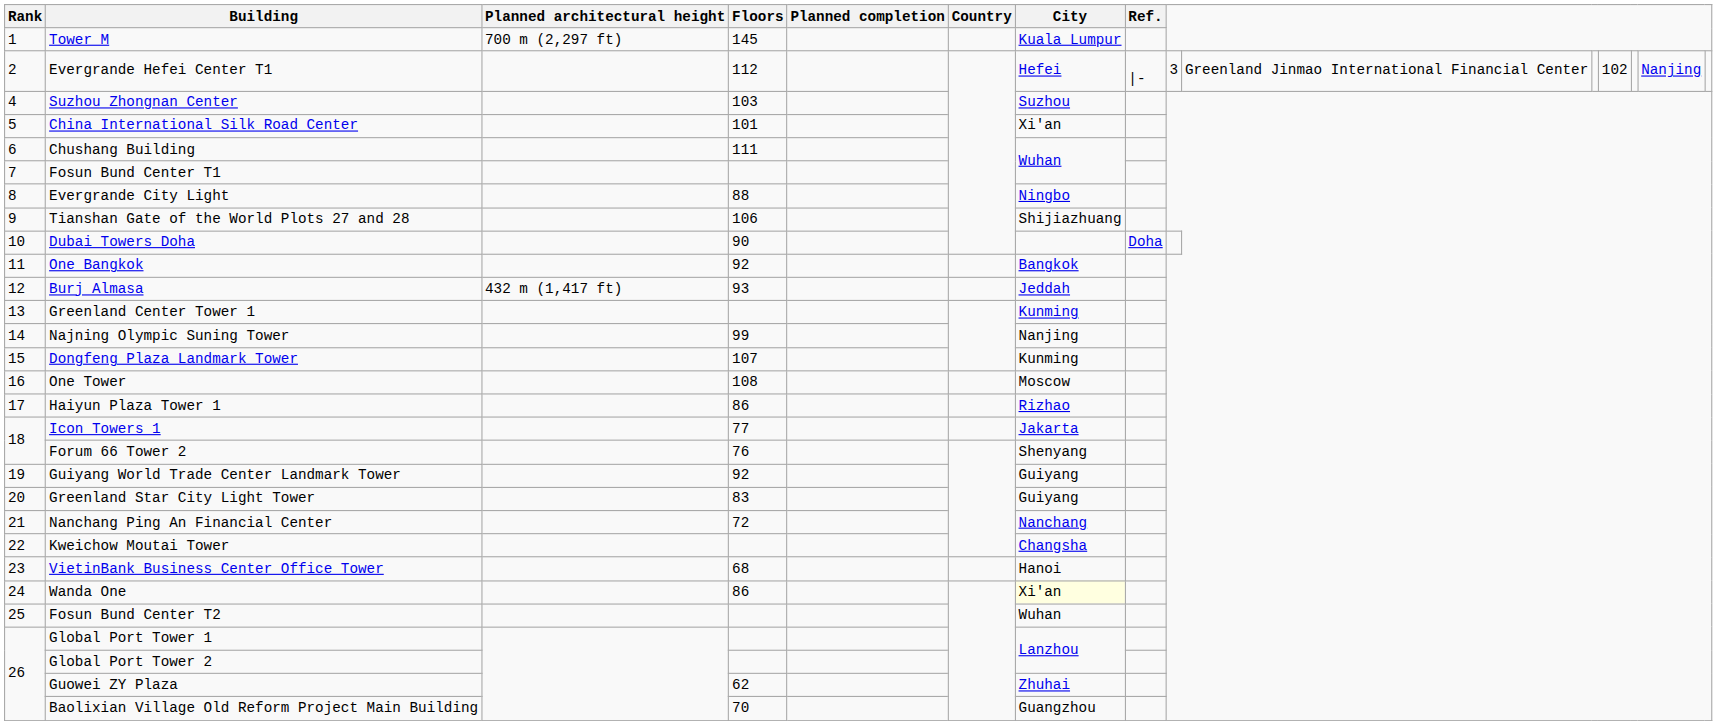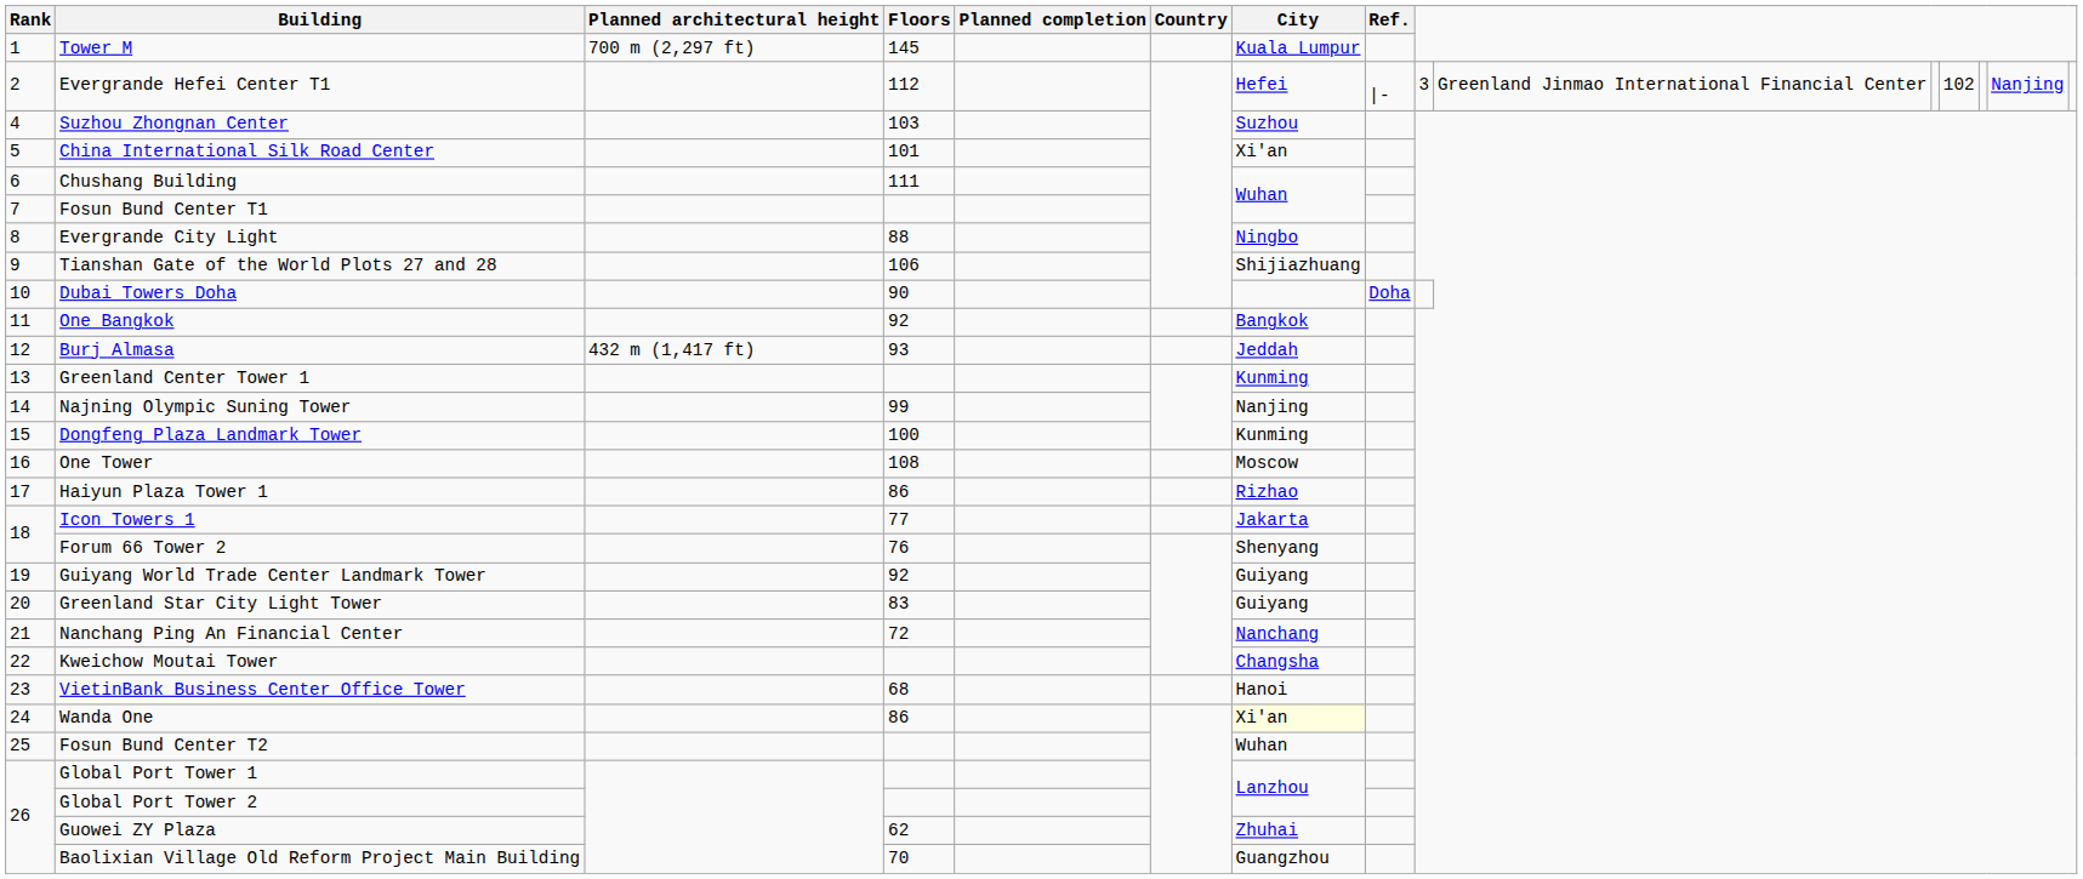 <table class="wikitable sortable">
 <tr>
 <th>Rank</th>
 <th>Building</th>
 <th>Planned architectural height</th>
 <th>Floors</th>
 <th>Planned completion</th>
 <th>Country</th>
 <th>City</th>
 <th class="unsortable">Ref.</th>
 </tr>
 <tr>
 <td>1</td>
 <td><a href='#'>Tower M</a></td>
 <td>700 m (2,297 ft)</td>
 <td>145</td>
 <td></td>
 <td></td>
 <td><a href='#'>Kuala Lumpur</a></td>
 <td></td>
 </tr>
 <tr>
 <td>2</td>
 <td>Evergrande Hefei Center T1</td>
 <td></td>
 <td>112</td>
 <td></td>
 <td rowspan="8"></td>
 <td><a href='#'>Hefei</a></td>
 <td><br> |-</td>
 <td>3</td>
 <td>Greenland Jinmao International Financial Center</td>
 <td></td>
 <td>102</td>
 <td></td>
 <td><a href='#'>Nanjing</a></td>
 <td></td>
 </tr>
 <tr>
 <td>4</td>
 <td><a href='#'>Suzhou Zhongnan Center</a></td>
 <td></td>
 <td>103</td>
 <td></td>
 <td><a href='#'>Suzhou</a></td>
 <td></td>
 </tr>
 <tr>
 <td>5</td>
 <td><a href='#'>China International Silk Road Center</a></td>
 <td></td>
 <td>101</td>
 <td></td>
 <td>Xi'an</td>
 <td></td>
 </tr>
 <tr>
 <td>6</td>
 <td>Chushang Building</td>
 <td></td>
 <td>111</td>
 <td></td>
 <td rowspan="2"><a href='#'>Wuhan</a></td>
 <td></td>
 </tr>
 <tr>
 <td>7</td>
 <td>Fosun Bund Center T1</td>
 <td></td>
 <td></td>
 <td></td>
 <td></td>
 </tr>
 <tr>
 <td>8</td>
 <td>Evergrande City Light</td>
 <td></td>
 <td>88</td>
 <td></td>
 <td><a href='#'>Ningbo</a></td>
 <td></td>
 </tr>
 <tr>
 <td>9</td>
 <td>Tianshan Gate of the World Plots 27 and 28</td>
 <td></td>
 <td>106</td>
 <td></td>
 <td>Shijiazhuang</td>
 <td></td>
 </tr>
 <tr>
 <td>10</td>
 <td><a href='#'>Dubai Towers Doha</a></td>
 <td></td>
 <td>90</td>
 <td></td>
 <td></td>
 <td><a href='#'>Doha</a></td>
 <td></td>
 </tr>
 <tr>
 <td>11</td>
 <td><a href='#'>One Bangkok</a></td>
 <td></td>
 <td>92</td>
 <td></td>
 <td></td>
 <td><a href='#'>Bangkok</a></td>
 <td></td>
 </tr>
 <tr>
 <td>12</td>
 <td><a href='#'>Burj Almasa</a></td>
 <td>432 m (1,417 ft)</td>
 <td>93</td>
 <td></td>
 <td></td>
 <td><a href='#'>Jeddah</a></td>
 <td></td>
 </tr>
 <tr>
 <td>13</td>
 <td>Greenland Center Tower 1</td>
 <td></td>
 <td></td>
 <td></td>
 <td rowspan="3"></td>
 <td><a href='#'>Kunming</a></td>
 <td></td>
 </tr>
 <tr>
 <td>14</td>
 <td>Najning Olympic Suning Tower</td>
 <td></td>
 <td>99</td>
 <td></td>
 <td>Nanjing</td>
 <td></td>
 </tr>
 <tr>
 <td>15</td>
 <td><a href='#'>Dongfeng Plaza Landmark Tower</a></td>
 <td></td>
-<td>107</td>
+<td>100</td>
 <td></td>
 <td>Kunming</td>
 <td></td>
 </tr>
 <tr>
 <td>16</td>
 <td>One Tower</td>
 <td></td>
 <td>108</td>
 <td></td>
 <td></td>
 <td>Moscow</td>
 <td></td>
 </tr>
 <tr>
 <td>17</td>
 <td>Haiyun Plaza Tower 1</td>
 <td></td>
 <td>86</td>
 <td></td>
 <td></td>
 <td><a href='#'>Rizhao</a></td>
 <td></td>
 </tr>
 <tr>
 <td rowspan="2">18</td>
 <td><a href='#'>Icon Towers 1</a></td>
 <td></td>
 <td>77</td>
 <td></td>
 <td></td>
 <td><a href='#'>Jakarta</a></td>
 <td></td>
 </tr>
 <tr>
 <td>Forum 66 Tower 2</td>
 <td></td>
 <td>76</td>
 <td></td>
 <td rowspan="5"></td>
 <td>Shenyang</td>
 <td></td>
 </tr>
 <tr>
 <td>19</td>
 <td>Guiyang World Trade Center Landmark Tower</td>
 <td></td>
 <td>92</td>
 <td></td>
 <td>Guiyang</td>
 <td></td>
 </tr>
 <tr>
 <td>20</td>
 <td>Greenland Star City Light Tower</td>
 <td></td>
 <td>83</td>
 <td></td>
 <td>Guiyang</td>
 <td></td>
 </tr>
 <tr>
 <td>21</td>
 <td>Nanchang Ping An Financial Center</td>
 <td></td>
 <td>72</td>
 <td></td>
 <td><a href='#'>Nanchang</a></td>
 <td></td>
 </tr>
 <tr>
 <td>22</td>
 <td>Kweichow Moutai Tower</td>
 <td></td>
 <td></td>
 <td></td>
 <td><a href='#'>Changsha</a></td>
 <td></td>
 </tr>
 <tr>
 <td>23</td>
 <td><a href='#'>VietinBank Business Center Office Tower</a></td>
 <td></td>
 <td>68</td>
 <td></td>
 <td></td>
 <td>Hanoi</td>
 <td></td>
 </tr>
 <tr>
 <td>24</td>
 <td>Wanda One</td>
 <td></td>
 <td>86</td>
 <td></td>
 <td rowspan="6"></td>
 <td style="background: lightyellow;">Xi'an</td>
 <td></td>
 </tr>
 <tr>
 <td>25</td>
 <td>Fosun Bund Center T2</td>
 <td></td>
 <td></td>
 <td></td>
 <td>Wuhan</td>
 <td></td>
 </tr>
 <tr>
 <td rowspan="4">26</td>
 <td>Global Port Tower 1</td>
 <td rowspan="4"></td>
 <td></td>
 <td></td>
 <td rowspan="2"><a href='#'>Lanzhou</a></td>
 <td></td>
 </tr>
 <tr>
 <td>Global Port Tower 2</td>
 <td></td>
 <td></td>
 <td></td>
 </tr>
 <tr>
 <td>Guowei ZY Plaza</td>
 <td>62</td>
 <td></td>
 <td><a href='#'>Zhuhai</a></td>
 <td></td>
 </tr>
 <tr>
 <td>Baolixian Village Old Reform Project Main Building</td>
 <td>70</td>
 <td></td>
 <td>Guangzhou</td>
 <td></td>
 </tr>
 </table>
